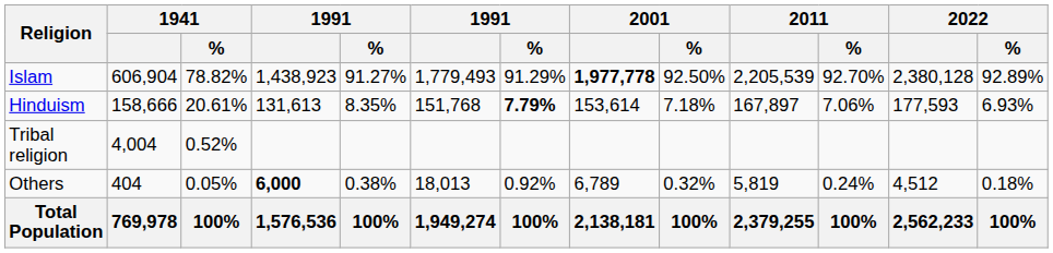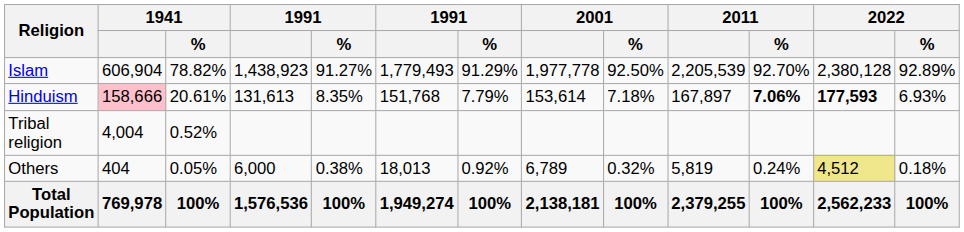 <table class="wikitable sortable">
 <tr>
 <th rowspan="2">Religion</th>
 <th colspan="2">1941</th>
 <th colspan="2">1991</th>
 <th colspan="2">1991</th>
 <th colspan="2">2001</th>
 <th colspan="2">2011</th>
 <th colspan="2">2022</th>
 </tr>
 <tr>
 <th></th>
 <th>%</th>
 <th></th>
 <th>%</th>
 <th></th>
 <th>%</th>
 <th></th>
 <th>%</th>
 <th></th>
 <th>%</th>
 <th></th>
 <th>%</th>
 </tr>
 <tr>
 <td><a href='#'>Islam</a> </td>
 <td>606,904</td>
 <td>78.82%</td>
 <td>1,438,923</td>
 <td>91.27%</td>
 <td>1,779,493</td>
 <td>91.29%</td>
-<td><strong>1,977,778</strong></td>
+<td>1,977,778</td>
 <td>92.50%</td>
 <td>2,205,539</td>
 <td>92.70%</td>
 <td>2,380,128</td>
 <td>92.89%</td>
 </tr>
 <tr>
 <td><a href='#'>Hinduism</a> </td>
-<td>158,666</td>
+<td style="background: pink;">158,666</td>
 <td>20.61%</td>
 <td>131,613</td>
 <td>8.35%</td>
 <td>151,768</td>
-<td><strong>7.79%</strong></td>
+<td>7.79%</td>
 <td>153,614</td>
 <td>7.18%</td>
 <td>167,897</td>
-<td>7.06%</td>
-<td>177,593</td>
+<td><strong>7.06%</strong></td>
+<td><strong>177,593</strong></td>
 <td>6.93%</td>
 </tr>
 <tr>
 <td>Tribal religion</td>
 <td>4,004</td>
 <td>0.52%</td>
 <td></td>
 <td></td>
 <td></td>
 <td></td>
 <td></td>
 <td></td>
 <td></td>
 <td></td>
 <td></td>
 <td></td>
 </tr>
 <tr>
 <td>Others </td>
 <td>404</td>
 <td>0.05%</td>
-<td><strong>6,000</strong></td>
+<td>6,000</td>
 <td>0.38%</td>
 <td>18,013</td>
 <td>0.92%</td>
 <td>6,789</td>
 <td>0.32%</td>
 <td>5,819</td>
 <td>0.24%</td>
-<td>4,512</td>
+<td style="background: khaki;">4,512</td>
 <td>0.18%</td>
 </tr>
 <tr>
 <th>Total Population</th>
 <th>769,978</th>
 <th>100%</th>
 <th>1,576,536</th>
 <th>100%</th>
 <th>1,949,274</th>
 <th>100%</th>
 <th>2,138,181</th>
 <th>100%</th>
 <th>2,379,255</th>
 <th>100%</th>
 <th>2,562,233</th>
 <th>100%</th>
 </tr>
 </table>
